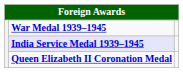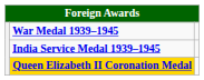 <table class="wikitable">
 <tr>
 <th colspan="3" style="background:#006400; color:#FFFFFF; text-align:center"><strong>Foreign Awards</strong></th>
 </tr>
 <tr>
 <th rowspan="3"><strong></strong></th>
 <td><strong><a href='#'>War Medal 1939–1945</a></strong></td>
 <td></td>
 </tr>
 <tr>
-<td style="background: lavender;"><a href='#'><strong>India Service Medal 1939–1945</strong></a></td>
+<td><a href='#'><strong>India Service Medal 1939–1945</strong></a></td>
 <td></td>
 </tr>
 <tr>
-<td><strong><a href='#'>Queen Elizabeth II Coronation Medal</a></strong></td>
+<td style="background: gold;"><strong><a href='#'>Queen Elizabeth II Coronation Medal</a></strong></td>
 <td></td>
 </tr>
 </table>
